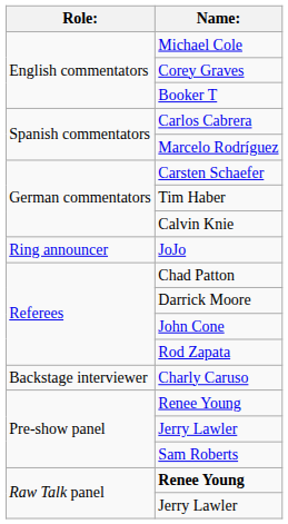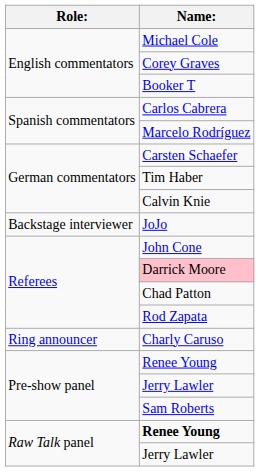 <table class=wikitable style="font-size:90%; margin: 0.5em 0 0.5em 1em; float: right; clear: right;">
 <tr>
 <th>Role:</th>
 <th>Name:</th>
 </tr>
 <tr>
 <td rowspan=3>English commentators</td>
 <td><a href='#'>Michael Cole</a></td>
 </tr>
 <tr>
 <td><a href='#'>Corey Graves</a></td>
 </tr>
 <tr>
 <td><a href='#'>Booker T</a></td>
 </tr>
 <tr>
 <td rowspan=2>Spanish commentators</td>
 <td><a href='#'>Carlos Cabrera</a></td>
 </tr>
 <tr>
 <td><a href='#'>Marcelo Rodríguez</a></td>
 </tr>
 <tr>
 <td rowspan=3>German commentators</td>
 <td><a href='#'>Carsten Schaefer</a></td>
 </tr>
 <tr>
 <td>Tim Haber</td>
 </tr>
 <tr>
 <td>Calvin Knie</td>
 </tr>
 <tr>
-<td rowspan=1><a href='#'>Ring announcer</a></td>
+<td rowspan=1>Backstage interviewer</td>
 <td><a href='#'>JoJo</a></td>
 </tr>
 <tr>
 <td rowspan=4><a href='#'>Referees</a></td>
-<td>Chad Patton</td>
+<td><a href='#'>John Cone</a></td>
 </tr>
 <tr>
-<td>Darrick Moore</td>
+<td style="background: pink;">Darrick Moore</td>
 </tr>
 <tr>
-<td><a href='#'>John Cone</a></td>
+<td>Chad Patton</td>
 </tr>
 <tr>
 <td><a href='#'>Rod Zapata</a></td>
 </tr>
 <tr>
-<td rowspan=1>Backstage interviewer</td>
+<td rowspan=1><a href='#'>Ring announcer</a></td>
 <td><a href='#'>Charly Caruso</a></td>
 </tr>
 <tr>
 <td rowspan=3>Pre-show panel</td>
 <td><a href='#'>Renee Young</a></td>
 </tr>
 <tr>
 <td><a href='#'>Jerry Lawler</a></td>
 </tr>
 <tr>
 <td><a href='#'>Sam Roberts</a></td>
 </tr>
 <tr>
 <td rowspan=2><em>Raw Talk</em> panel</td>
 <td><strong>Renee Young</strong></td>
 </tr>
 <tr>
 <td>Jerry Lawler</td>
 </tr>
 </table>
